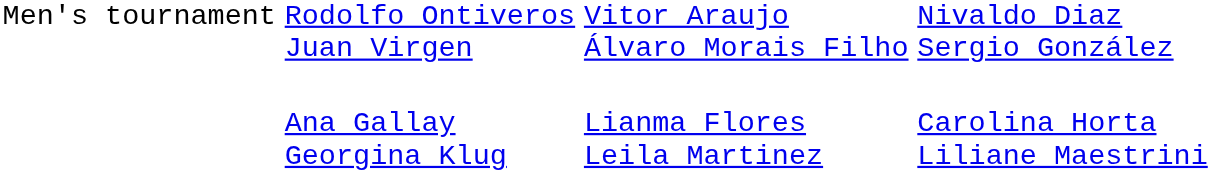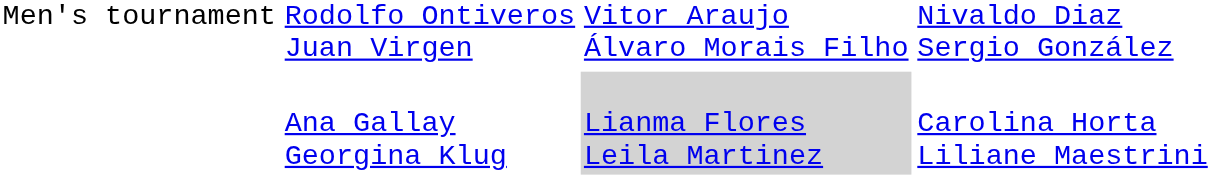 <table>
 <tr>
 <td>Men's tournament <br></td>
 <td><br><a href='#'>Rodolfo Ontiveros</a> <br> <a href='#'>Juan Virgen</a></td>
 <td><br><a href='#'>Vitor Araujo</a>  <br> <a href='#'>Álvaro Morais Filho</a></td>
 <td><br><a href='#'>Nivaldo Diaz</a> <br> <a href='#'>Sergio González</a></td>
 </tr>
 <tr>
 <td><br></td>
 <td><br> <a href='#'>Ana Gallay</a> <br> <a href='#'>Georgina Klug</a></td>
-<td><br><a href='#'>Lianma Flores</a> <br><a href='#'>Leila Martinez</a></td>
+<td style="background: lightgrey;"><br><a href='#'>Lianma Flores</a> <br><a href='#'>Leila Martinez</a></td>
 <td><br><a href='#'>Carolina Horta</a>  <br> <a href='#'>Liliane Maestrini</a></td>
 </tr>
 </table>
